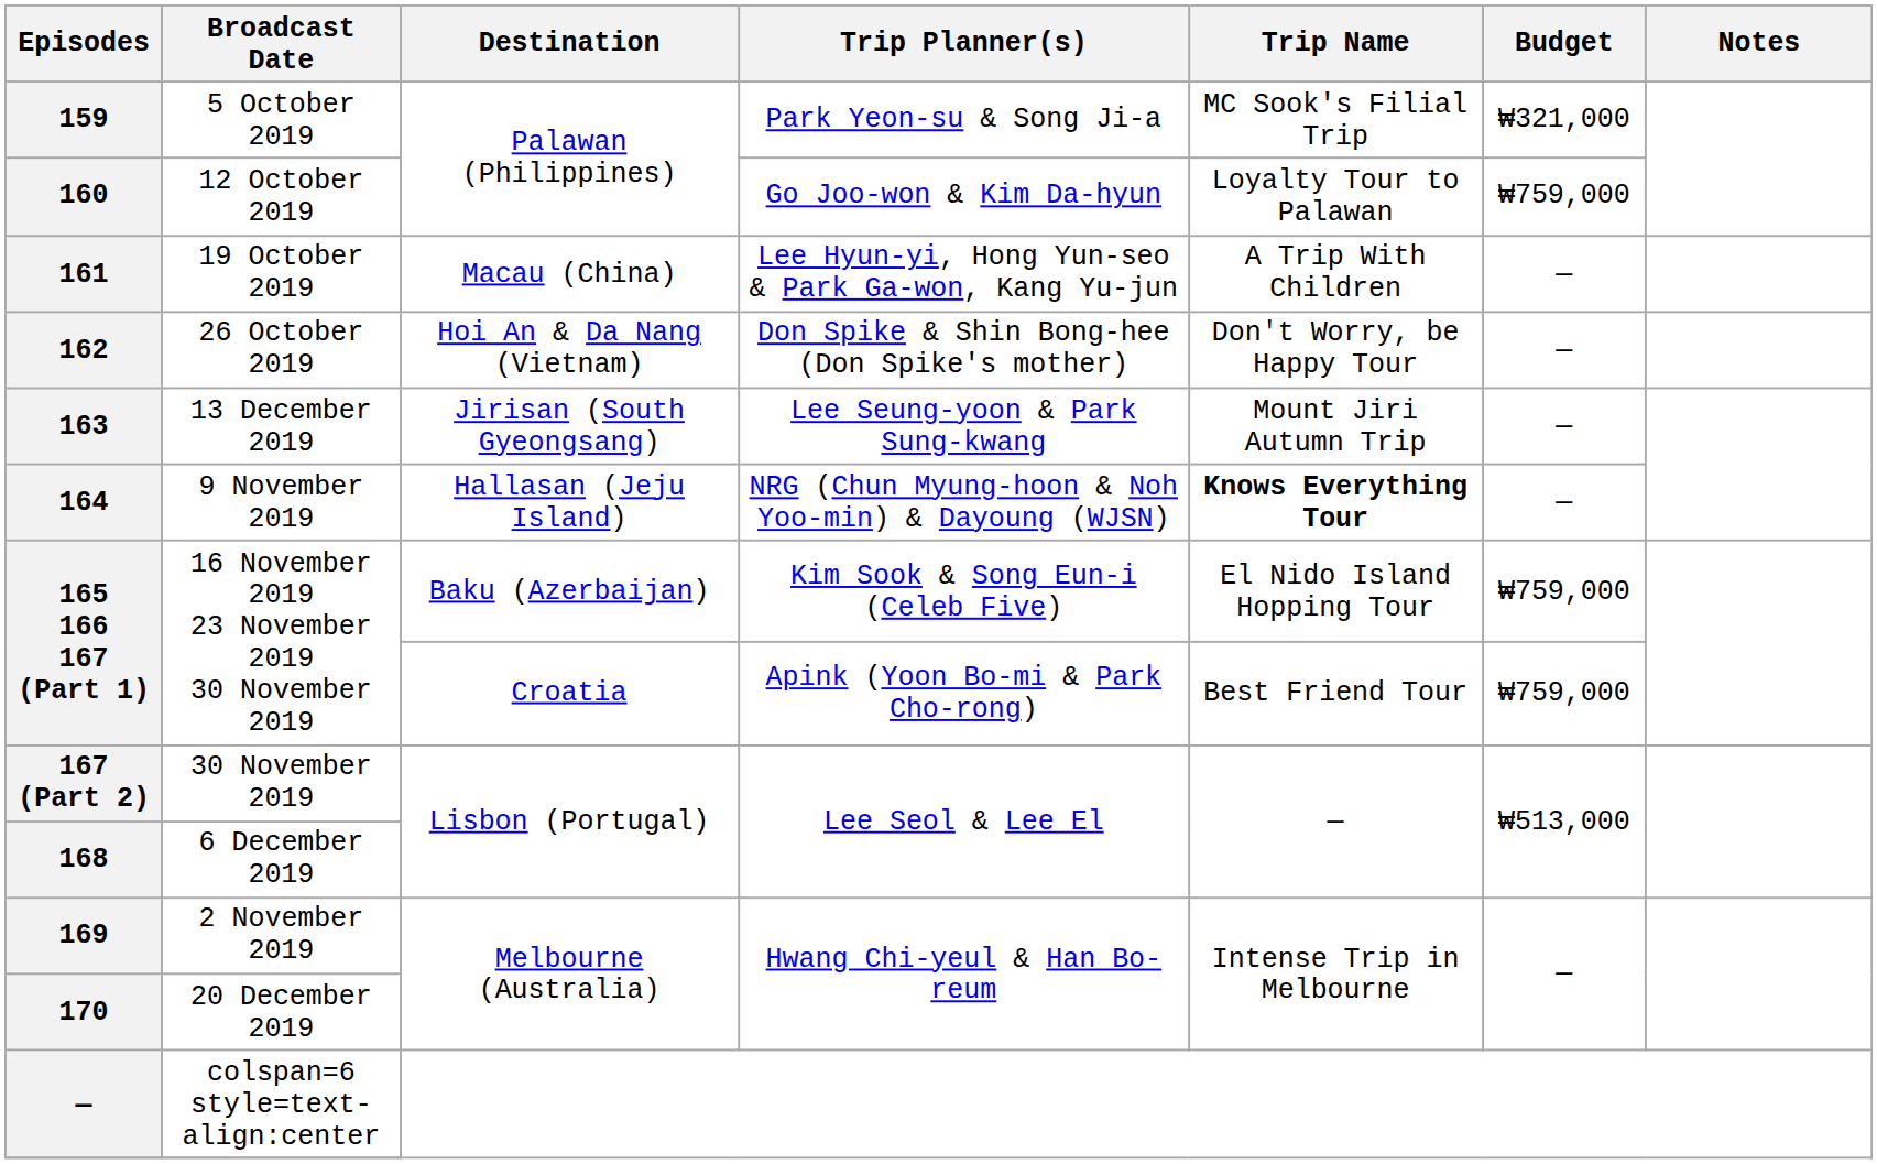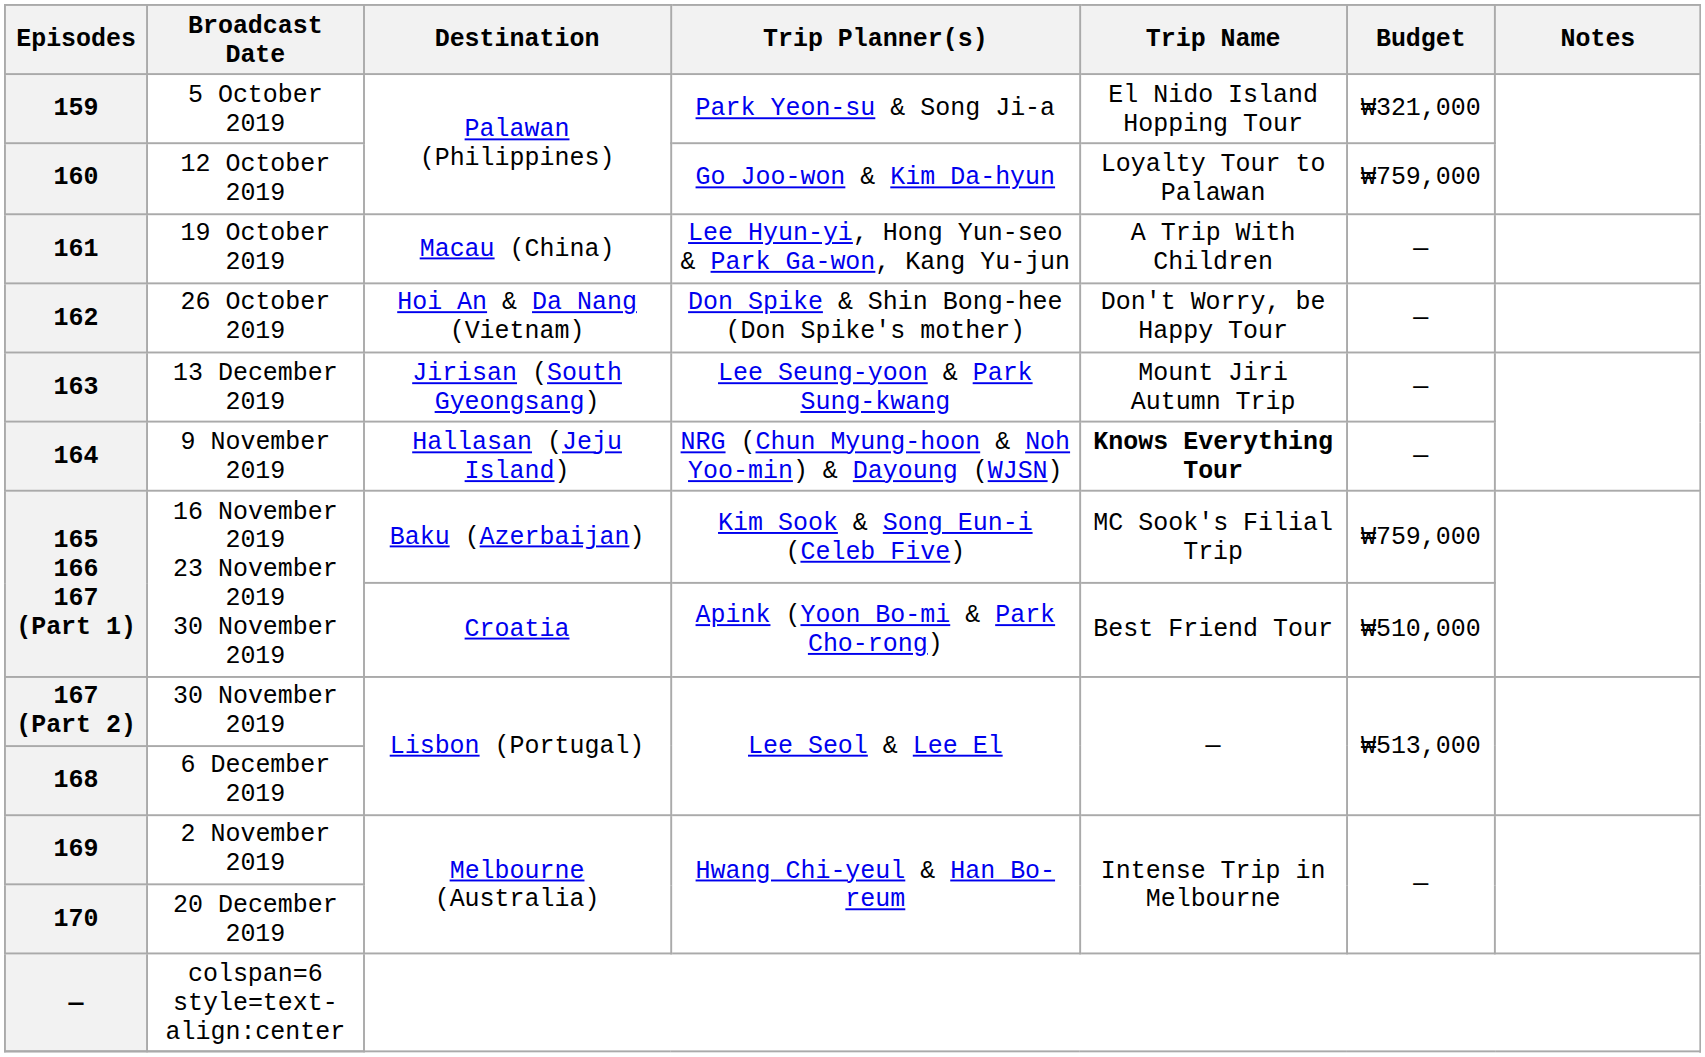 <table class=wikitable style=text-align:center;width:100%;background:#ffffff>
 <tr>
 <th width=3%>Episodes</th>
 <th width=7%>Broadcast Date</th>
 <th width=15%>Destination</th>
 <th width=20%>Trip Planner(s)</th>
 <th width=13%>Trip Name</th>
 <th width=5%>Budget</th>
 <th width=10%>Notes</th>
 </tr>
 <tr>
 <th>159</th>
 <td>5 October 2019</td>
 <td rowspan=2><a href='#'>Palawan</a> (Philippines)</td>
 <td><a href='#'>Park Yeon-su</a> & Song Ji-a</td>
-<td>MC Sook's Filial Trip</td>
+<td>El Nido Island Hopping Tour</td>
 <td>₩321,000</td>
 <td rowspan=2></td>
 </tr>
 <tr>
 <th>160</th>
 <td>12 October 2019</td>
 <td><a href='#'>Go Joo-won</a> & <a href='#'>Kim Da-hyun</a></td>
 <td>Loyalty Tour to Palawan</td>
 <td>₩759,000</td>
 </tr>
 <tr>
 <th>161</th>
 <td>19 October 2019</td>
 <td><a href='#'>Macau</a> (China)</td>
 <td><a href='#'>Lee Hyun-yi</a>, Hong Yun-seo & <a href='#'>Park Ga-won</a>, Kang Yu-jun</td>
 <td>A Trip With Children</td>
 <td>—</td>
 <td></td>
 </tr>
 <tr>
 <th>162</th>
 <td>26 October 2019</td>
 <td><a href='#'>Hoi An</a> & <a href='#'>Da Nang</a> (Vietnam)</td>
 <td><a href='#'>Don Spike</a> & Shin Bong-hee (Don Spike's mother)</td>
 <td>Don't Worry, be Happy Tour</td>
 <td>—</td>
 <td></td>
 </tr>
 <tr>
 <th>163</th>
 <td>13 December 2019</td>
 <td><a href='#'>Jirisan</a> (<a href='#'>South Gyeongsang</a>)</td>
 <td><a href='#'>Lee Seung-yoon</a> & <a href='#'>Park Sung-kwang</a></td>
 <td>Mount Jiri Autumn Trip</td>
 <td>—</td>
 <td rowspan=2></td>
 </tr>
 <tr>
 <th>164</th>
 <td>9 November 2019</td>
 <td><a href='#'>Hallasan</a> (<a href='#'>Jeju Island</a>)</td>
 <td><a href='#'>NRG</a> (<a href='#'>Chun Myung-hoon</a> & <a href='#'>Noh Yoo-min</a>) & <a href='#'>Dayoung</a> (<a href='#'>WJSN</a>)</td>
 <td><strong>Knows Everything Tour</strong></td>
 <td>—</td>
 </tr>
 <tr>
 <th rowspan=2>165<br>166<br>167 (Part 1)</th>
 <td rowspan=2>16 November 2019<br>23 November 2019<br>30 November 2019</td>
 <td><a href='#'>Baku</a> (<a href='#'>Azerbaijan</a>)</td>
 <td><a href='#'>Kim Sook</a> & <a href='#'>Song Eun-i</a> (<a href='#'>Celeb Five</a>)</td>
-<td>El Nido Island Hopping Tour</td>
+<td>MC Sook's Filial Trip</td>
 <td>₩759,000</td>
 <td rowspan=2></td>
 </tr>
 <tr>
 <td><a href='#'>Croatia</a></td>
 <td><a href='#'>Apink</a> (<a href='#'>Yoon Bo-mi</a> & <a href='#'>Park Cho-rong</a>)</td>
 <td>Best Friend Tour</td>
-<td>₩759,000</td>
+<td>₩510,000</td>
 </tr>
 <tr>
 <th>167 (Part 2)</th>
 <td>30 November 2019</td>
 <td rowspan=2><a href='#'>Lisbon</a> (Portugal)</td>
 <td rowspan=2><a href='#'>Lee Seol</a> & <a href='#'>Lee El</a></td>
 <td rowspan=2>—</td>
 <td rowspan=2>₩513,000</td>
 <td rowspan=2></td>
 </tr>
 <tr>
 <th>168</th>
 <td>6 December 2019</td>
 </tr>
 <tr>
 <th>169</th>
 <td>2 November 2019</td>
 <td rowspan=2><a href='#'>Melbourne</a> (Australia)</td>
 <td rowspan=2><a href='#'>Hwang Chi-yeul</a> & <a href='#'>Han Bo-reum</a></td>
 <td rowspan=2>Intense Trip in Melbourne</td>
 <td rowspan=2>—</td>
 <td rowspan=2></td>
 </tr>
 <tr>
 <th>170</th>
 <td>20 December 2019</td>
 </tr>
 <tr>
 <th>—</th>
 <td>colspan=6 style=text-align:center </td>
 </tr>
 <tr>
 </tr>
 </table>
